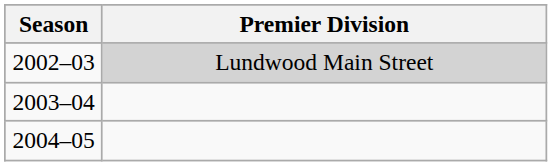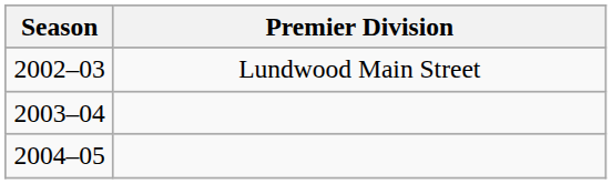 <table class="wikitable" style="text-align: center; font-size:85%">
 <tr>
 <th width=50>Season</th>
 <th width=250>Premier Division</th>
 </tr>
 <tr>
 <td>2002–03</td>
-<td style="background: lightgrey;">Lundwood Main Street </td>
+<td>Lundwood Main Street </td>
 </tr>
 <tr>
 <td>2003–04</td>
 <td></td>
 </tr>
 <tr>
 <td>2004–05</td>
 <td></td>
 </tr>
 </table>
